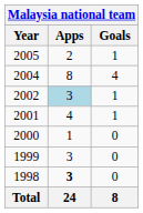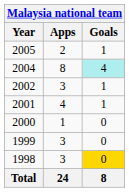 <table class="wikitable" style="text-align:center">
 <tr>
 <th colspan=3><a href='#'>Malaysia national team</a></th>
 </tr>
 <tr>
 <th>Year</th>
 <th>Apps</th>
 <th>Goals</th>
 </tr>
 <tr>
 <td>2005</td>
 <td>2</td>
 <td>1</td>
 </tr>
 <tr>
 <td>2004</td>
 <td>8</td>
-<td>4</td>
+<td style="background: paleturquoise;">4</td>
 </tr>
 <tr>
 <td>2002</td>
-<td style="background: lightblue;">3</td>
+<td>3</td>
 <td>1</td>
 </tr>
 <tr>
 <td>2001</td>
 <td>4</td>
 <td>1</td>
 </tr>
 <tr>
 <td>2000</td>
 <td>1</td>
 <td>0</td>
 </tr>
 <tr>
 <td>1999</td>
 <td>3</td>
 <td>0</td>
 </tr>
 <tr>
 <td>1998</td>
-<td><strong>3</strong></td>
-<td>0</td>
+<td>3</td>
+<td style="background: gold;">0</td>
 </tr>
 <tr>
 <th>Total</th>
 <th>24</th>
 <th>8</th>
 </tr>
 </table>
